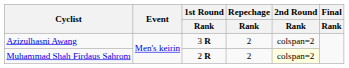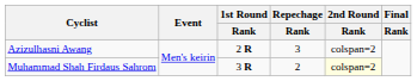 <table class="wikitable" style="font-size:90%">
 <tr>
 <th rowspan=2>Cyclist</th>
 <th rowspan=2>Event</th>
 <th>1st Round</th>
 <th>Repechage</th>
 <th>2nd Round</th>
 <th>Final</th>
 </tr>
 <tr style="font-size:95%">
 <th>Rank</th>
 <th>Rank</th>
 <th>Rank</th>
 <th>Rank</th>
 </tr>
 <tr align=center>
 <td align=left><a href='#'>Azizulhasni Awang</a></td>
 <td align=left rowspan=2><a href='#'>Men's keirin</a></td>
-<td>3 <strong>R</strong></td>
-<td>2</td>
+<td>2 <strong>R</strong></td>
+<td>3</td>
 <td>colspan=2 </td>
 </tr>
 <tr align=center>
 <td align=left><a href='#'>Muhammad Shah Firdaus Sahrom</a></td>
-<td>2 <strong>R</strong></td>
+<td>3 <strong>R</strong></td>
 <td>2</td>
 <td style="background: lightyellow;">colspan=2 </td>
 </tr>
 </table>
